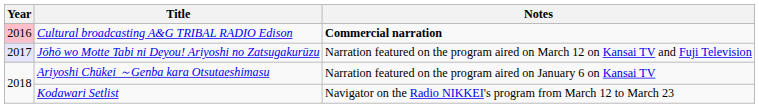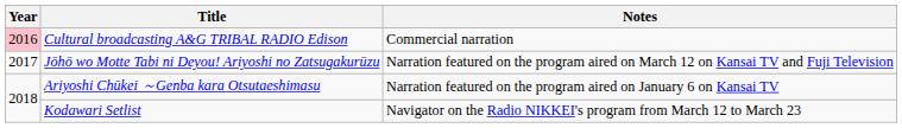 <table class="wikitable">
 <tr>
 <th>Year</th>
 <th>Title</th>
 <th>Notes</th>
 </tr>
 <tr>
 <td style="background: pink;">2016</td>
 <td><em><a href='#'>Cultural broadcasting A&G TRIBAL RADIO Edison</a></em></td>
-<td><strong>Commercial narration</strong></td>
+<td>Commercial narration</td>
 </tr>
 <tr>
-<td style="background: lavender;">2017</td>
+<td>2017</td>
 <td><em><a href='#'>Jōhō wo Motte Tabi ni Deyou! Ariyoshi no Zatsugakurūzu</a></em></td>
 <td>Narration featured on the program aired on March 12 on <a href='#'>Kansai TV</a> and <a href='#'>Fuji Television</a></td>
 </tr>
 <tr>
 <td rowspan="2">2018</td>
 <td><em><a href='#'>Ariyoshi Chūkei ～Genba kara Otsutaeshimasu</a></em></td>
 <td>Narration featured on the program aired on January 6 on <a href='#'>Kansai TV</a></td>
 </tr>
 <tr>
 <td><em><a href='#'>Kodawari Setlist</a></em></td>
 <td>Navigator on the <a href='#'>Radio NIKKEI</a>'s program from March 12 to March 23</td>
 </tr>
 </table>
